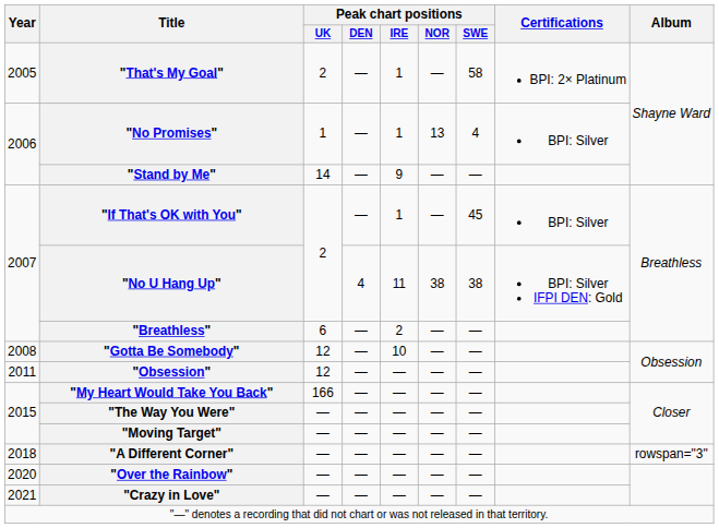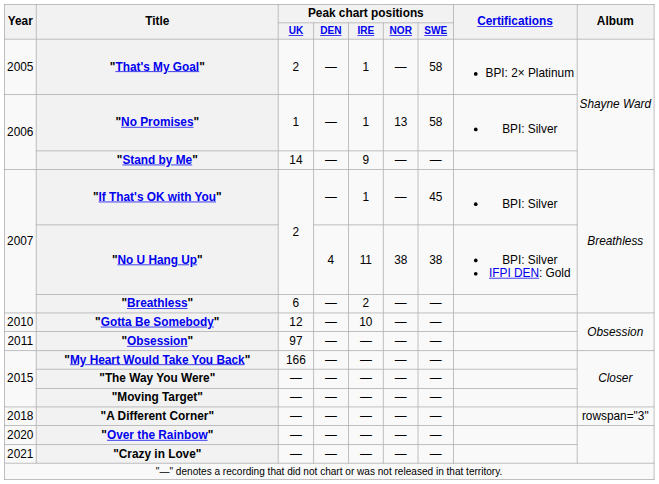 <table class="wikitable plainrowheaders" style="text-align:center;">
 <tr>
 <th scope="col" rowspan="2" style="width:1em;">Year</th>
 <th scope="col" rowspan="2" style="width:20em;">Title</th>
 <th scope="col" colspan="5">Peak chart positions</th>
 <th scope="col" rowspan="2"><a href='#'>Certifications</a></th>
 <th scope="col" rowspan="2">Album</th>
 </tr>
 <tr>
 <th scope="col" style="width:3em;font-size:85%;"><a href='#'>UK</a><br></th>
 <th scope="col" style="width:3em;font-size:85%;"><a href='#'>DEN</a><br></th>
 <th scope="col" style="width:3em;font-size:85%;"><a href='#'>IRE</a><br></th>
 <th scope="col" style="width:3em;font-size:85%;"><a href='#'>NOR</a><br></th>
 <th scope="col" style="width:3em;font-size:85%;"><a href='#'>SWE</a><br></th>
 </tr>
 <tr>
 <td>2005</td>
 <th scope="row">"<a href='#'>That's My Goal</a>"</th>
 <td>2</td>
 <td>—</td>
 <td>1</td>
 <td>—</td>
 <td>58</td>
 <td><br><ul><li>BPI: 2× Platinum</li></ul></td>
 <td rowspan="3"><em>Shayne Ward</em></td>
 </tr>
 <tr>
 <td rowspan="2">2006</td>
 <th scope="row">"<a href='#'>No Promises</a>"</th>
 <td>1</td>
 <td>—</td>
 <td>1</td>
 <td>13</td>
-<td>4</td>
+<td>58</td>
 <td><br><ul><li>BPI: Silver</li></ul></td>
 </tr>
 <tr>
 <th scope="row">"<a href='#'>Stand by Me</a>"</th>
 <td>14</td>
 <td>—</td>
 <td>9</td>
 <td>—</td>
 <td>—</td>
 <td></td>
 </tr>
 <tr>
 <td rowspan="3">2007</td>
 <th scope="row">"<a href='#'>If That's OK with You</a>"</th>
 <td rowspan="2">2</td>
 <td>—</td>
 <td>1</td>
 <td>—</td>
 <td>45</td>
 <td><br><ul><li>BPI: Silver</li></ul></td>
 <td rowspan="3"><em>Breathless</em></td>
 </tr>
 <tr>
 <th scope="row">"<a href='#'>No U Hang Up</a>"</th>
 <td>4</td>
 <td>11</td>
 <td>38</td>
 <td>38</td>
 <td><br><ul><li>BPI: Silver</li><li><a href='#'>IFPI DEN</a>: Gold</li></ul></td>
 </tr>
 <tr>
 <th scope="row">"<a href='#'>Breathless</a>"</th>
 <td>6</td>
 <td>—</td>
 <td>2</td>
 <td>—</td>
 <td>—</td>
 <td></td>
 </tr>
 <tr>
-<td>2008</td>
+<td>2010</td>
 <th scope="row">"<a href='#'>Gotta Be Somebody</a>"</th>
 <td>12</td>
 <td>—</td>
 <td>10</td>
 <td>—</td>
 <td>—</td>
 <td></td>
 <td rowspan="2"><em>Obsession</em></td>
 </tr>
 <tr>
 <td>2011</td>
 <th scope="row">"<a href='#'>Obsession</a>"</th>
-<td>12</td>
+<td>97</td>
 <td>—</td>
 <td>—</td>
 <td>—</td>
 <td>—</td>
 <td></td>
 </tr>
 <tr>
 <td rowspan="3">2015</td>
 <th scope="row">"<a href='#'>My Heart Would Take You Back</a>"</th>
 <td>166</td>
 <td>—</td>
 <td>—</td>
 <td>—</td>
 <td>—</td>
 <td></td>
 <td rowspan="3"><em>Closer</em></td>
 </tr>
 <tr>
 <th scope="row">"The Way You Were"</th>
 <td>—</td>
 <td>—</td>
 <td>—</td>
 <td>—</td>
 <td>—</td>
 <td></td>
 </tr>
 <tr>
 <th scope="row">"Moving Target"</th>
 <td>—</td>
 <td>—</td>
 <td>—</td>
 <td>—</td>
 <td>—</td>
 <td></td>
 </tr>
 <tr>
 <td>2018</td>
 <th scope="row">"A Different Corner"</th>
 <td>—</td>
 <td>—</td>
 <td>—</td>
 <td>—</td>
 <td>—</td>
 <td></td>
 <td>rowspan="3" </td>
 </tr>
 <tr>
 <td>2020</td>
 <th scope="row">"<a href='#'>Over the Rainbow</a>"</th>
 <td>—</td>
 <td>—</td>
 <td>—</td>
 <td>—</td>
 <td>—</td>
 <td></td>
 </tr>
 <tr>
 <td>2021</td>
 <th scope="row">"Crazy in Love"</th>
 <td>—</td>
 <td>—</td>
 <td>—</td>
 <td>—</td>
 <td>—</td>
 <td></td>
 </tr>
 <tr>
 <td colspan="20" style="font-size:85%">"—" denotes a recording that did not chart or was not released in that territory.</td>
 </tr>
 </table>
